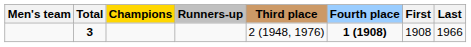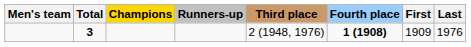 <table class="wikitable" style="text-align: center; font-size: 90%; margin-left: 1em;">
 <tr>
 <th>Men's team</th>
 <th>Total</th>
 <th style="background-color: gold;">Champions</th>
 <th style="background-color: silver;">Runners-up</th>
 <th style="background-color: #cc9966;">Third place</th>
 <th style="background-color: #9acdff;">Fourth place</th>
 <th>First</th>
 <th>Last</th>
 </tr>
 <tr>
 <td style="text-align: left;"></td>
 <td><strong>3</strong></td>
 <td></td>
 <td></td>
 <td>2 (1948, 1976)</td>
 <td><strong>1 (1908)</strong></td>
-<td>1908</td>
-<td>1966</td>
+<td>1909</td>
+<td>1976</td>
 </tr>
 </table>
